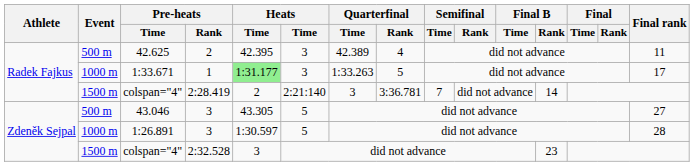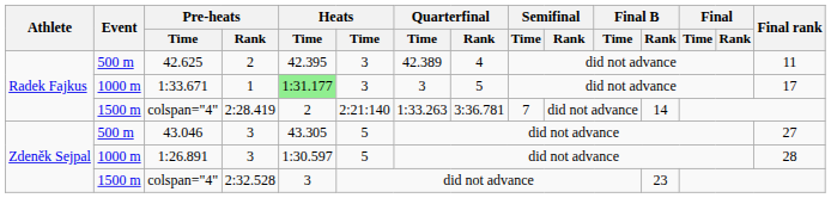 <table class="wikitable" style="font-size:90%">
 <tr>
 <th rowspan=2>Athlete</th>
 <th rowspan=2>Event</th>
 <th colspan=2>Pre-heats</th>
 <th colspan="2">Heats</th>
 <th colspan="2">Quarterfinal</th>
 <th colspan=2>Semifinal</th>
 <th colspan=2>Final B</th>
 <th colspan="2">Final</th>
 <th rowspan="2">Final rank</th>
 </tr>
 <tr style="font-size:95%">
 <th>Time</th>
 <th>Rank</th>
 <th>Time</th>
 <th>Time</th>
 <th>Time</th>
 <th>Rank</th>
 <th>Time</th>
 <th>Rank</th>
 <th>Time</th>
 <th>Rank</th>
 <th>Time</th>
 <th>Rank</th>
 </tr>
 <tr align=center>
 <td align=left rowspan=3><a href='#'>Radek Fajkus</a></td>
 <td align=left><a href='#'>500 m</a></td>
 <td>42.625</td>
 <td>2</td>
 <td>42.395</td>
 <td>3</td>
 <td>42.389</td>
 <td>4</td>
 <td colspan="6">did not advance</td>
 <td>11</td>
 </tr>
 <tr align=center>
 <td align=left><a href='#'>1000 m</a></td>
 <td>1:33.671</td>
 <td>1</td>
 <td style="background: lightgreen;">1:31.177</td>
 <td>3</td>
-<td>1:33.263</td>
+<td>3</td>
 <td>5</td>
 <td colspan="6">did not advance</td>
 <td>17</td>
 </tr>
 <tr align=center>
 <td align=left><a href='#'>1500 m</a></td>
 <td>colspan="4" </td>
 <td>2:28.419</td>
 <td>2</td>
 <td>2:21:140</td>
-<td>3</td>
+<td>1:33.263</td>
 <td>3:36.781</td>
 <td>7</td>
 <td colspan="2">did not advance</td>
 <td>14</td>
 </tr>
 <tr align=center>
 <td align=left rowspan=3><a href='#'>Zdeněk Sejpal</a></td>
 <td align=left><a href='#'>500 m</a></td>
 <td>43.046</td>
 <td>3</td>
 <td>43.305</td>
 <td>5</td>
 <td colspan="8">did not advance</td>
 <td>27</td>
 </tr>
 <tr align=center>
 <td align=left><a href='#'>1000 m</a></td>
 <td>1:26.891</td>
 <td>3</td>
 <td>1:30.597</td>
 <td>5</td>
 <td colspan="8">did not advance</td>
 <td>28</td>
 </tr>
 <tr align=center>
 <td align=left><a href='#'>1500 m</a></td>
 <td>colspan="4" </td>
 <td>2:32.528</td>
 <td>3</td>
 <td colspan="6">did not advance</td>
 <td>23</td>
 </tr>
 </table>
